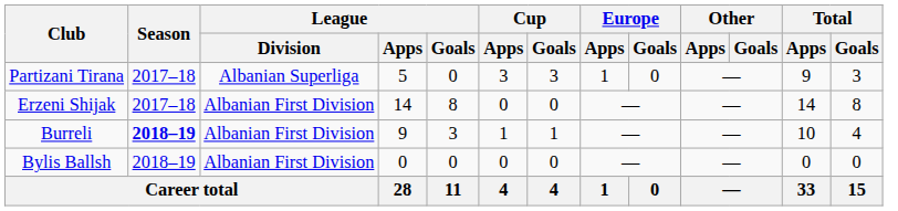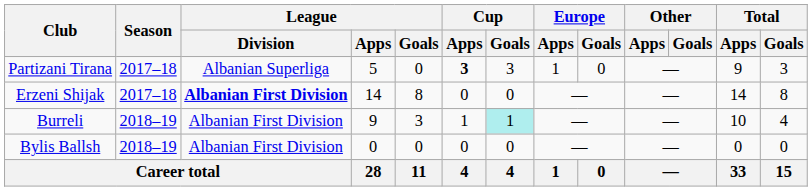 <table class="wikitable" style="text-align: center;">
 <tr>
 <th rowspan="2">Club</th>
 <th rowspan="2">Season</th>
 <th colspan="3">League</th>
 <th colspan="2">Cup</th>
 <th colspan="2"><a href='#'>Europe</a></th>
 <th colspan="2">Other</th>
 <th colspan="2">Total</th>
 </tr>
 <tr>
 <th>Division</th>
 <th>Apps</th>
 <th>Goals</th>
 <th>Apps</th>
 <th>Goals</th>
 <th>Apps</th>
 <th>Goals</th>
 <th>Apps</th>
 <th>Goals</th>
 <th>Apps</th>
 <th>Goals</th>
 </tr>
 <tr>
 <td rowspan="1"><a href='#'>Partizani Tirana</a></td>
 <td><a href='#'>2017–18</a></td>
 <td rowspan="1"><a href='#'>Albanian Superliga</a></td>
 <td>5</td>
 <td>0</td>
-<td>3</td>
+<td><strong>3</strong></td>
 <td>3</td>
 <td>1</td>
 <td>0</td>
 <td colspan="2">—</td>
 <td>9</td>
 <td>3</td>
 </tr>
 <tr>
 <td rowspan="1"><a href='#'>Erzeni Shijak</a></td>
 <td><a href='#'>2017–18</a></td>
-<td rowspan="1"><a href='#'>Albanian First Division</a></td>
+<td rowspan="1"><strong><a href='#'>Albanian First Division</a></strong></td>
 <td>14</td>
 <td>8</td>
 <td>0</td>
 <td>0</td>
 <td colspan="2">—</td>
 <td colspan="2">—</td>
 <td>14</td>
 <td>8</td>
 </tr>
 <tr>
 <td rowspan="1"><a href='#'>Burreli</a></td>
-<td><strong><a href='#'>2018–19</a></strong></td>
+<td><a href='#'>2018–19</a></td>
 <td rowspan="1"><a href='#'>Albanian First Division</a></td>
 <td>9</td>
 <td>3</td>
 <td>1</td>
-<td>1</td>
+<td style="background: paleturquoise;">1</td>
 <td colspan="2">—</td>
 <td colspan="2">—</td>
 <td>10</td>
 <td>4</td>
 </tr>
 <tr>
 <td rowspan="1"><a href='#'>Bylis Ballsh</a></td>
 <td><a href='#'>2018–19</a></td>
 <td rowspan="1"><a href='#'>Albanian First Division</a></td>
 <td>0</td>
 <td>0</td>
 <td>0</td>
 <td>0</td>
 <td colspan="2">—</td>
 <td colspan="2">—</td>
 <td>0</td>
 <td>0</td>
 </tr>
 <tr>
 <th colspan="3">Career total</th>
 <th>28</th>
 <th>11</th>
 <th>4</th>
 <th>4</th>
 <th>1</th>
 <th>0</th>
 <th colspan="2">—</th>
 <th>33</th>
 <th>15</th>
 </tr>
 </table>
